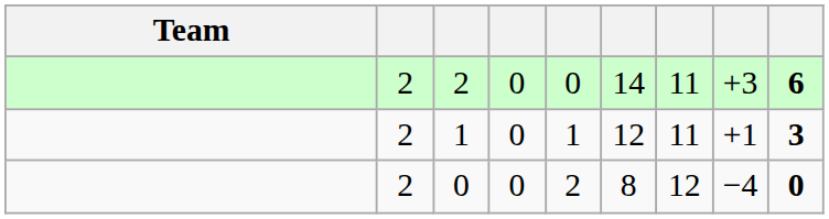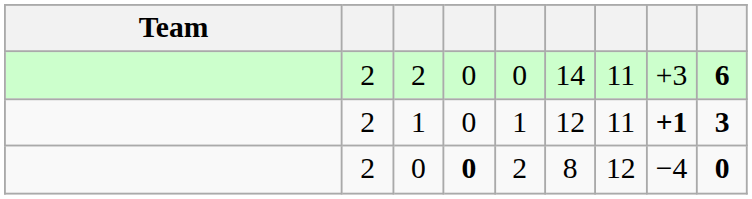 <table class="wikitable" style="text-align: center;">
 <tr>
 <th width="175">Team</th>
 <th width="20"></th>
 <th width="20"></th>
 <th width="20"></th>
 <th width="20"></th>
 <th width="20"></th>
 <th width="20"></th>
 <th width="20"></th>
 <th width="20"></th>
 </tr>
 <tr style="background-color: #ccffcc;">
 <td align=left></td>
 <td>2</td>
 <td>2</td>
 <td>0</td>
 <td>0</td>
 <td>14</td>
 <td>11</td>
 <td>+3</td>
 <td><strong>6</strong></td>
 </tr>
 <tr>
 <td align=left></td>
 <td>2</td>
 <td>1</td>
 <td>0</td>
 <td>1</td>
 <td>12</td>
 <td>11</td>
-<td>+1</td>
+<td><strong>+1</strong></td>
 <td><strong>3</strong></td>
 </tr>
 <tr>
 <td align=left></td>
 <td>2</td>
 <td>0</td>
-<td>0</td>
+<td><strong>0</strong></td>
 <td>2</td>
 <td>8</td>
 <td>12</td>
 <td>−4</td>
 <td><strong>0</strong></td>
 </tr>
 </table>
